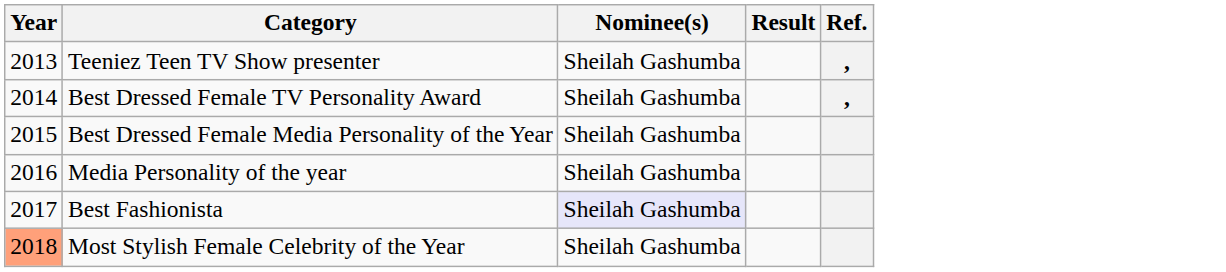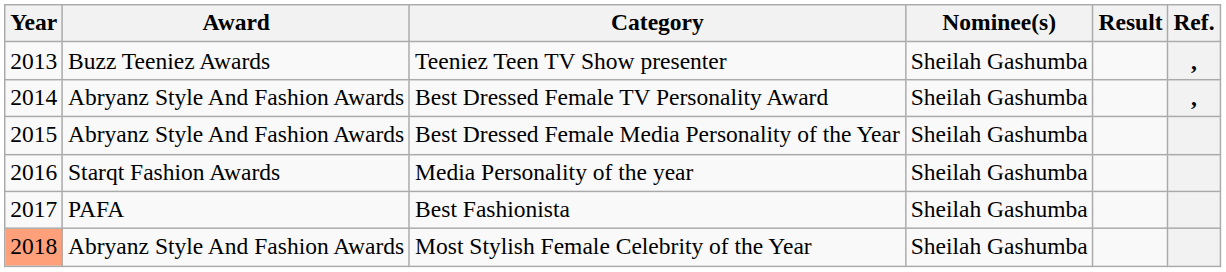 <table class="wikitable">
 <tr>
 <th>Year</th>
+<th>Award</th>
 <th>Category</th>
 <th>Nominee(s)</th>
 <th>Result</th>
 <th>Ref.</th>
 </tr>
 <tr>
 <td>2013</td>
+<td>Buzz Teeniez Awards</td>
 <td>Teeniez Teen TV Show presenter</td>
 <td>Sheilah Gashumba</td>
 <td></td>
 <th align=center>,<br></th>
 </tr>
 <tr>
 <td>2014</td>
+<td>Abryanz Style And Fashion Awards</td>
 <td>Best Dressed Female TV Personality Award</td>
 <td>Sheilah Gashumba</td>
 <td></td>
 <th align=center>,<br></th>
 </tr>
 <tr>
 <td>2015</td>
+<td>Abryanz Style And Fashion Awards</td>
 <td>Best Dressed Female Media Personality of the Year</td>
 <td>Sheilah Gashumba</td>
 <td></td>
 <th align=center><br> </th>
 </tr>
 <tr>
 <td>2016</td>
+<td>Starqt Fashion Awards</td>
 <td>Media Personality of the year</td>
 <td>Sheilah Gashumba</td>
 <td></td>
 <th align=center></th>
 </tr>
 <tr>
 <td>2017</td>
+<td>PAFA</td>
 <td>Best Fashionista</td>
-<td style="background: lavender;">Sheilah Gashumba</td>
+<td>Sheilah Gashumba</td>
 <td></td>
 <th align=center></th>
 </tr>
 <tr>
 <td style="background: lightsalmon;">2018</td>
+<td>Abryanz Style And Fashion Awards</td>
 <td>Most Stylish Female Celebrity of the Year</td>
 <td>Sheilah Gashumba</td>
 <td></td>
 <th align=center><br></th>
 </tr>
 </table>
